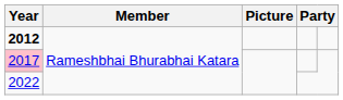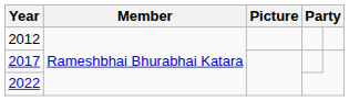 <table class="wikitable sortable">
 <tr>
 <th>Year</th>
 <th>Member</th>
 <th>Picture</th>
 <th colspan="2">Party</th>
 </tr>
 <tr>
-<td><strong>2012</strong></td>
+<td>2012</td>
 <td rowspan="3"><a href='#'>Rameshbhai Bhurabhai Katara</a></td>
 <td></td>
 <td></td>
 <td></td>
 </tr>
 <tr>
-<td style="background: pink;"><a href='#'>2017</a></td>
+<td><a href='#'>2017</a></td>
 <td rowspan="2"></td>
 <td></td>
 </tr>
 <tr>
 <td><a href='#'>2022</a></td>
 </tr>
 </table>
